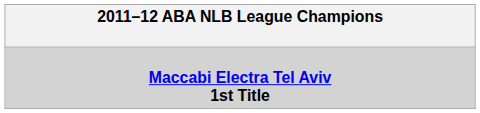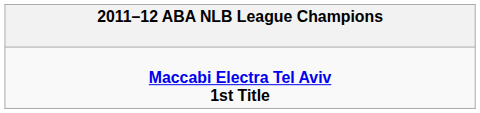 <table class="wikitable" style="margin: 0 auto; width: 30%;">
 <tr>
 <th>2011–12 ABA NLB League Champions<br><br></th>
 </tr>
 <tr>
-<td align=center style="background: lightgrey;"><br><strong><a href='#'>Maccabi Electra Tel Aviv</a></strong><br><strong>1st Title</strong></td>
+<td align=center><br><strong><a href='#'>Maccabi Electra Tel Aviv</a></strong><br><strong>1st Title</strong></td>
 </tr>
 </table>
